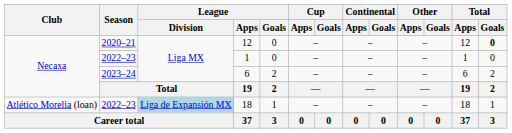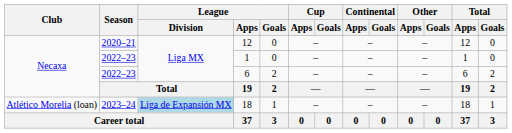 <table class="wikitable" style="text-align: center">
 <tr>
 <th rowspan="2">Club</th>
 <th rowspan="2">Season</th>
 <th colspan="3">League</th>
 <th colspan="2">Cup</th>
 <th colspan="2">Continental</th>
 <th colspan="2">Other</th>
 <th colspan="2">Total</th>
 </tr>
 <tr>
 <th>Division</th>
 <th>Apps</th>
 <th>Goals</th>
 <th>Apps</th>
 <th>Goals</th>
 <th>Apps</th>
 <th>Goals</th>
 <th>Apps</th>
 <th>Goals</th>
 <th>Apps</th>
 <th>Goals</th>
 </tr>
 <tr>
 <td rowspan=4><a href='#'>Necaxa</a></td>
 <td><a href='#'>2020–21</a></td>
 <td rowspan=3><a href='#'>Liga MX</a></td>
 <td>12</td>
 <td>0</td>
 <td colspan="2">–</td>
 <td colspan="2">–</td>
 <td colspan="2">–</td>
 <td>12</td>
-<td><strong>0</strong></td>
+<td>0</td>
 </tr>
 <tr>
 <td><a href='#'>2022–23</a></td>
 <td>1</td>
 <td>0</td>
 <td colspan="2">–</td>
 <td colspan="2">–</td>
 <td colspan="2">–</td>
 <td>1</td>
 <td>0</td>
 </tr>
 <tr>
-<td><a href='#'>2023–24</a></td>
+<td><a href='#'>2022–23</a></td>
 <td>6</td>
 <td>2</td>
 <td colspan="2">–</td>
 <td colspan="2">–</td>
 <td colspan="2">–</td>
 <td>6</td>
 <td>2</td>
 </tr>
 <tr>
 <th colspan="2">Total</th>
 <th>19</th>
 <th>2</th>
 <th colspan="2">—</th>
 <th colspan="2">—</th>
 <th colspan="2">—</th>
 <th>19</th>
 <th>2</th>
 </tr>
 <tr>
 <td><a href='#'>Atlético Morelia</a> (loan)</td>
-<td><a href='#'>2022–23</a></td>
+<td><a href='#'>2023–24</a></td>
 <td style="background: lightblue;"><a href='#'>Liga de Expansión MX</a></td>
 <td>18</td>
 <td>1</td>
 <td colspan="2">–</td>
 <td colspan="2">–</td>
 <td colspan="2">–</td>
 <td>18</td>
 <td>1</td>
 </tr>
 <tr>
 <th colspan="3">Career total</th>
 <th>37</th>
 <th>3</th>
 <th>0</th>
 <th>0</th>
 <th>0</th>
 <th>0</th>
 <th>0</th>
 <th>0</th>
 <th>37</th>
 <th>3</th>
 </tr>
 </table>
